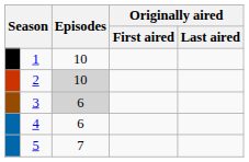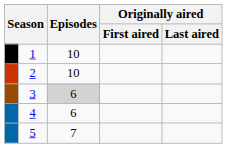 <table class="wikitable plainrowheaders" style="text-align:center;">
 <tr>
 <th colspan="2" rowspan="2">Season</th>
 <th rowspan="2">Episodes</th>
 <th colspan="2">Originally aired</th>
 </tr>
 <tr>
 <th>First aired</th>
 <th>Last aired</th>
 </tr>
 <tr>
 <td style="background: #000000;"></td>
 <td><a href='#'>1</a></td>
 <td>10</td>
 <td></td>
 <td></td>
 </tr>
 <tr>
 <td style="background: #CC3300;"></td>
 <td><a href='#'>2</a></td>
-<td style="background: lightgrey;">10</td>
+<td>10</td>
 <td></td>
 <td></td>
 </tr>
 <tr>
 <td style="background: #964B00;"></td>
 <td><a href='#'>3</a></td>
 <td style="background: lightgrey;">6</td>
 <td></td>
 <td></td>
 </tr>
 <tr>
 <td style="background: #0067AA;"></td>
 <td><a href='#'>4</a></td>
 <td>6</td>
 <td></td>
 <td></td>
 </tr>
 <tr>
 <td style="background: #0067AA;"></td>
 <td><a href='#'>5</a></td>
 <td>7</td>
 <td></td>
 <td></td>
 </tr>
 </table>
